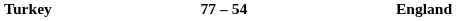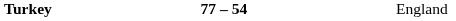 <table width=75% cellspacing=1>
 <tr>
 <th width=25%></th>
 <th width=25%></th>
 <th width=25%></th>
 </tr>
 <tr style=font-size:90%>
 <td align=right><strong>Turkey</strong></td>
 <td align=center><strong>77 – 54</strong></td>
-<td><strong>England</strong></td>
+<td>England</td>
 </tr>
 </table>
